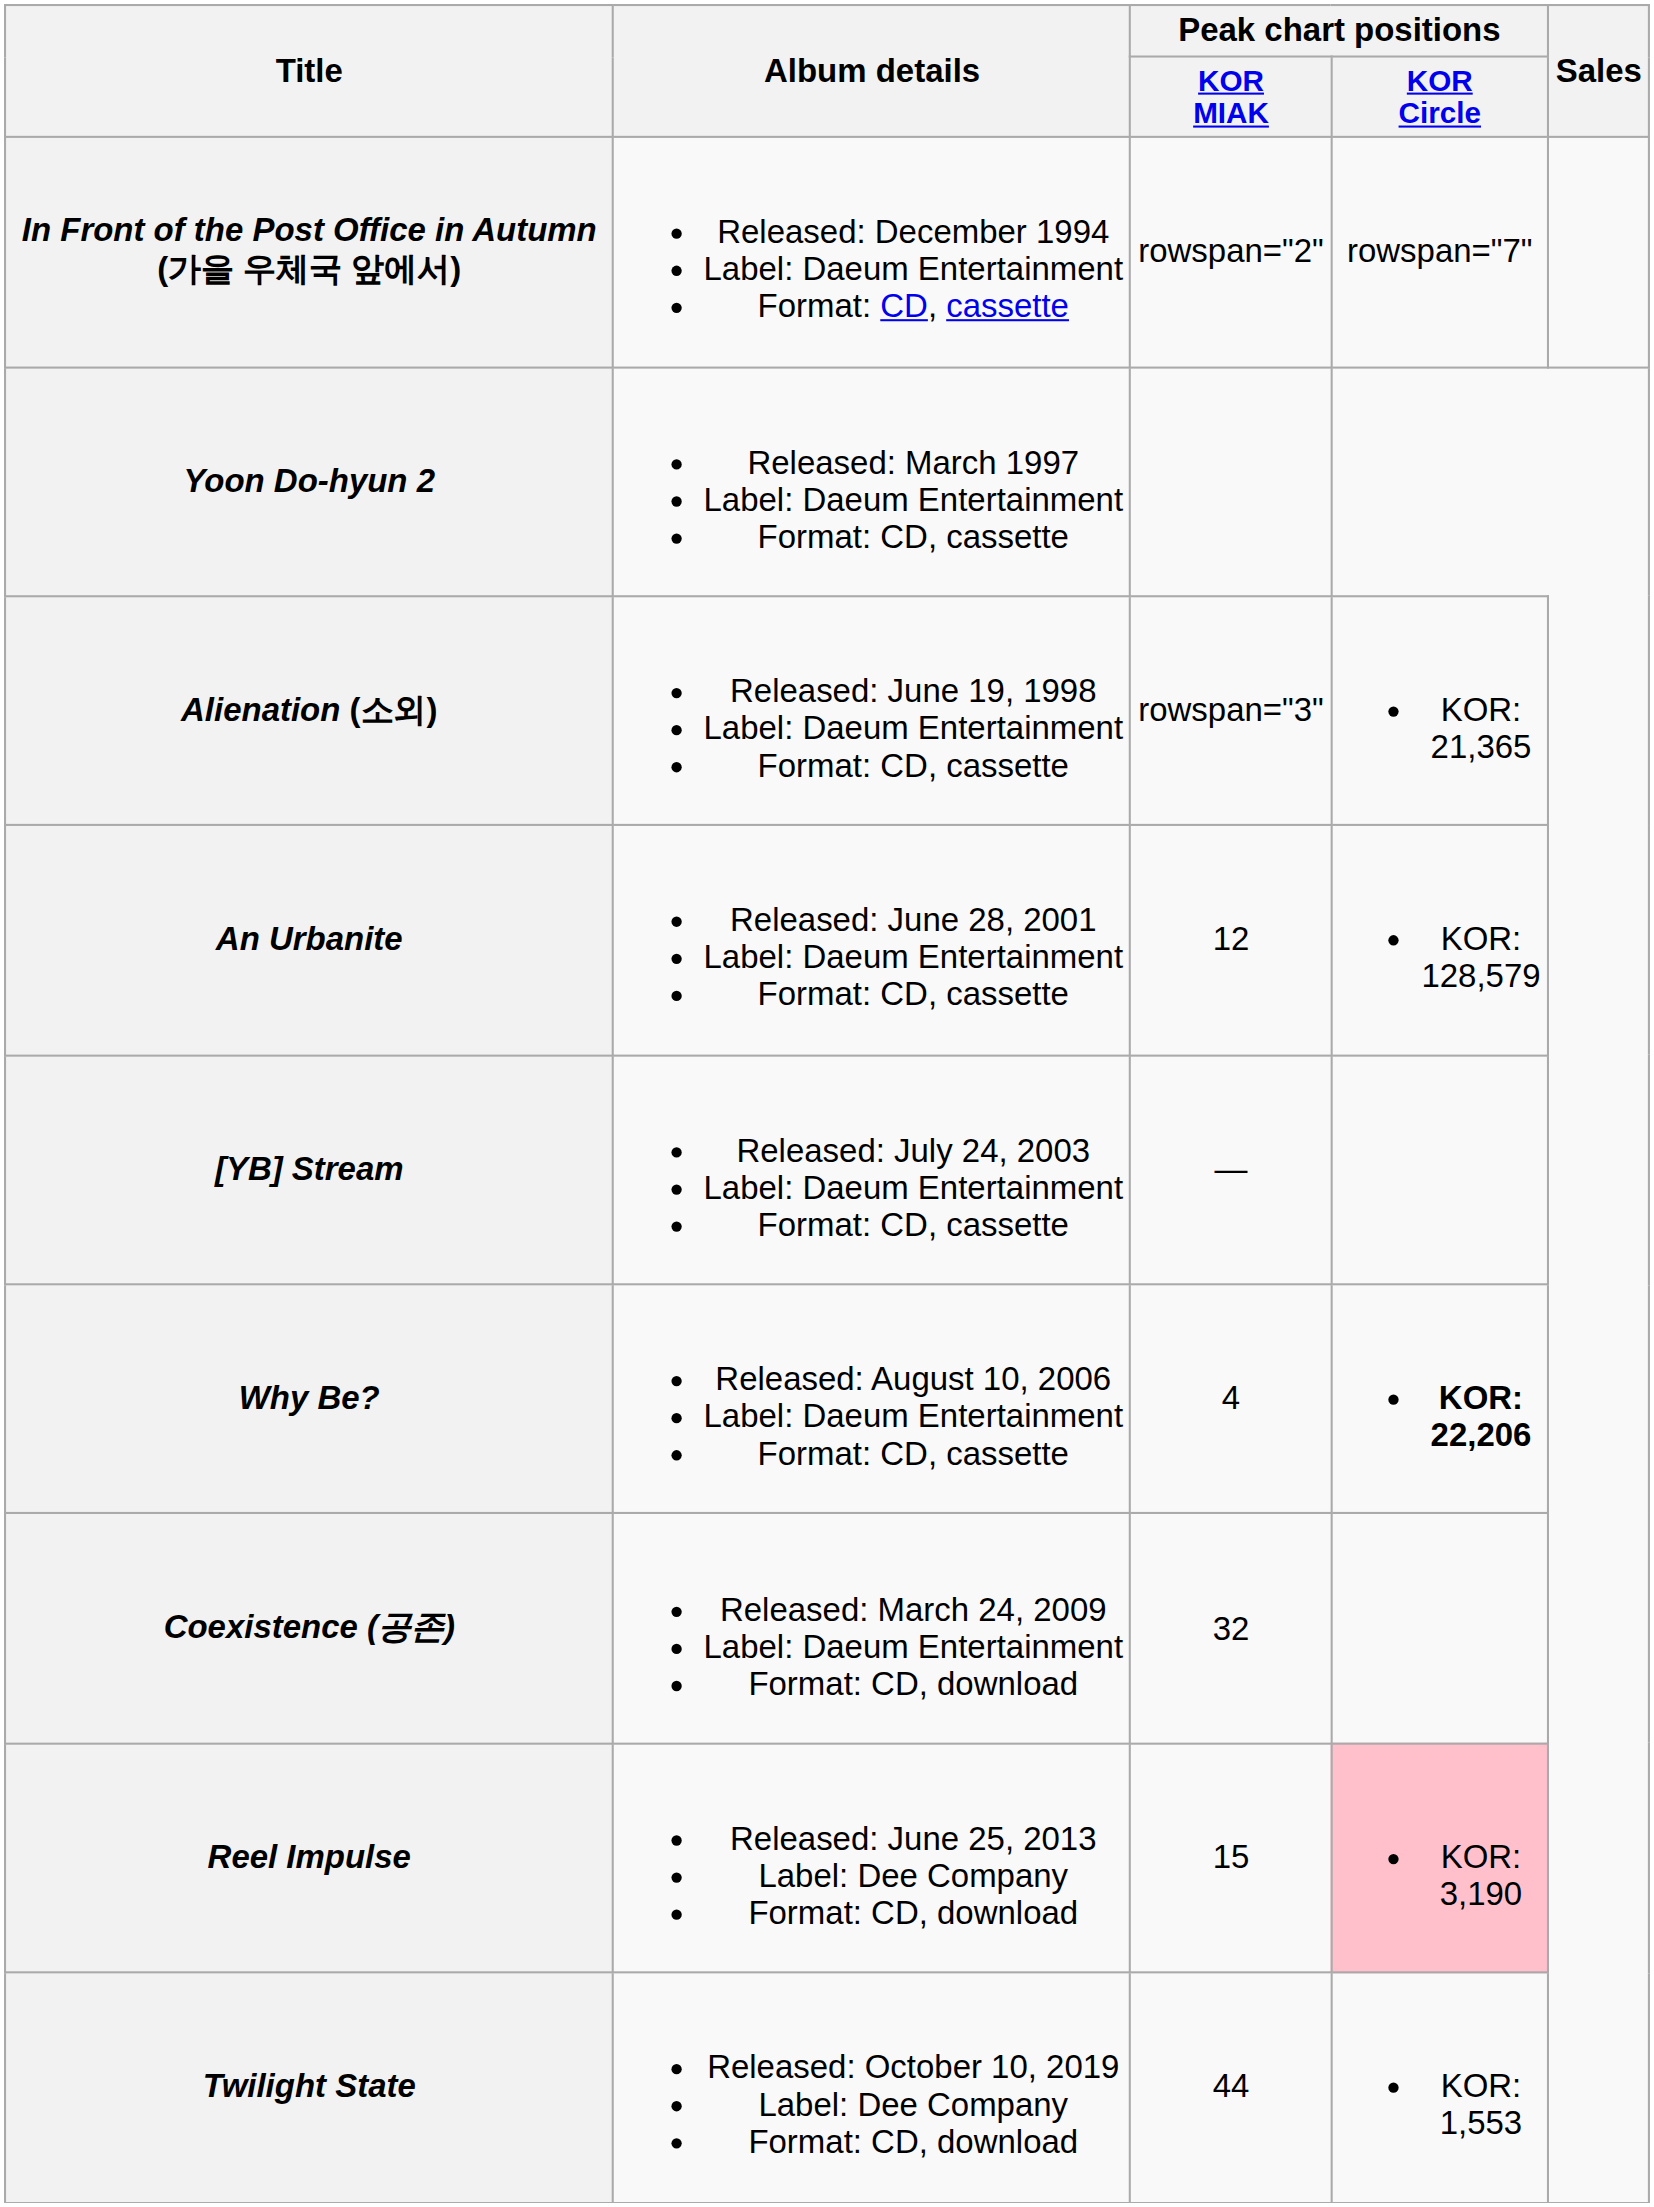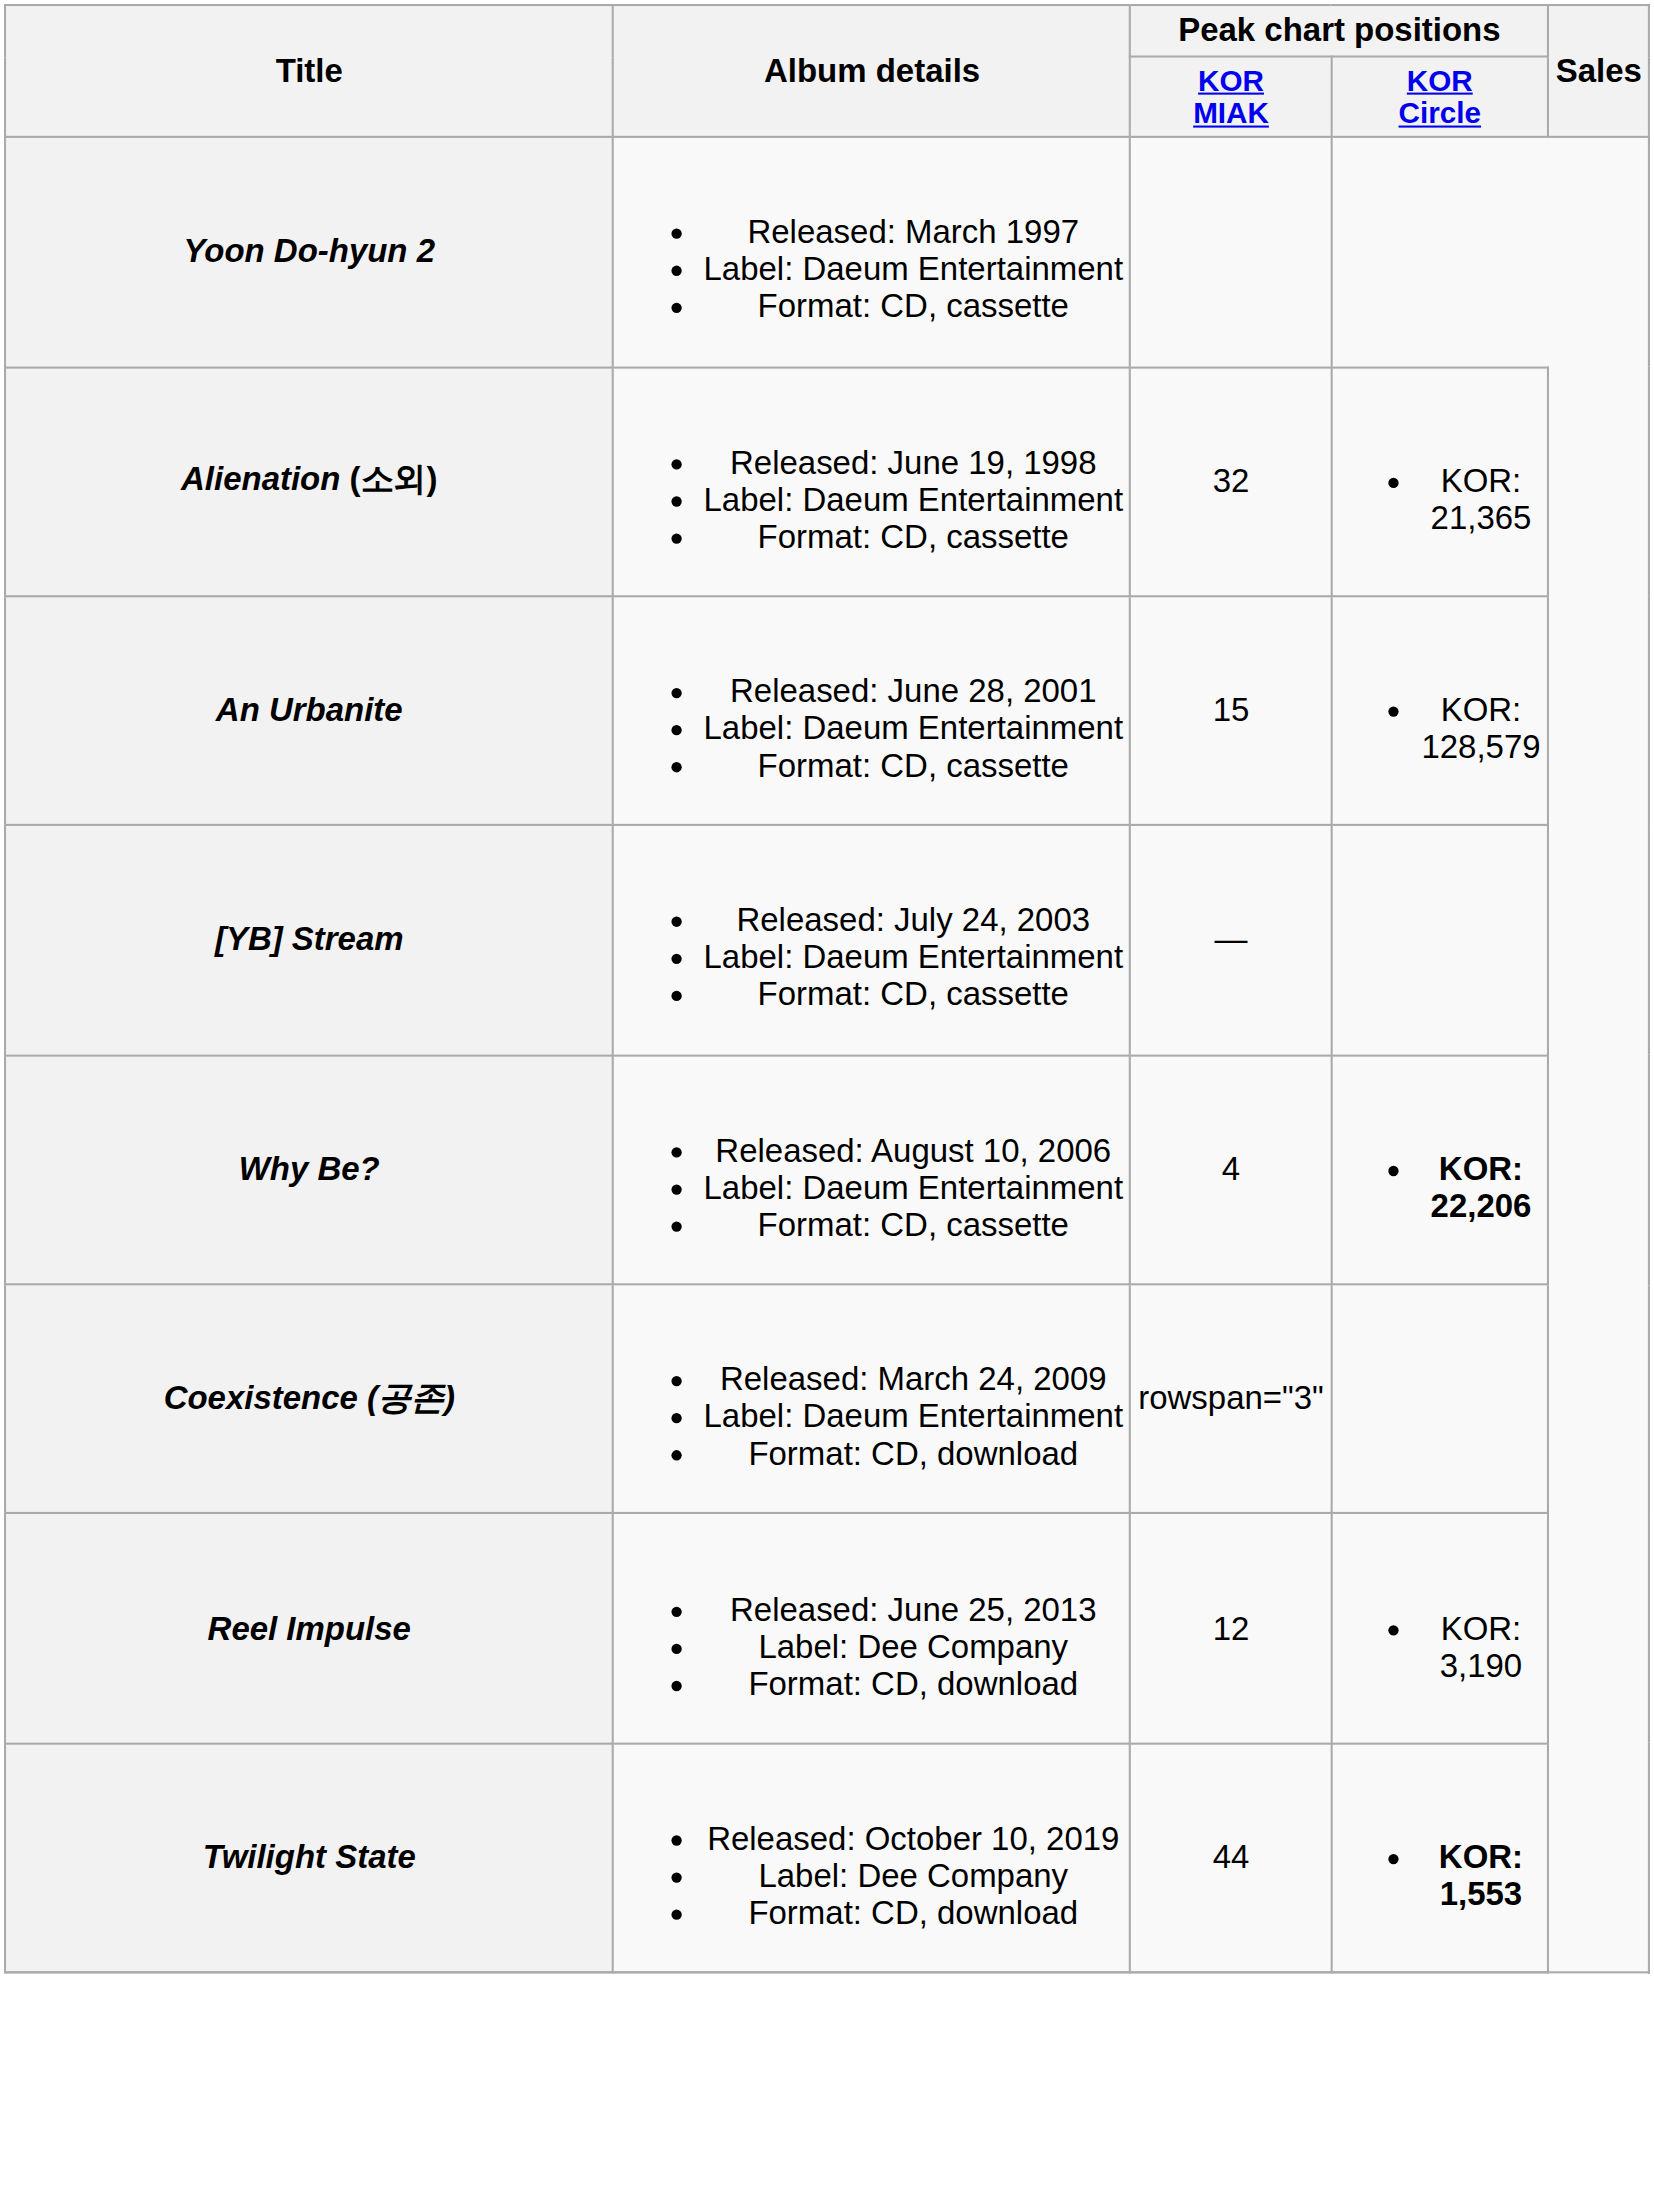 <table class="wikitable plainrowheaders" style="text-align:center;">
 <tr>
 <th scope="col" rowspan="2" style="width:18em;">Title</th>
 <th scope="col" rowspan="2">Album details</th>
 <th colspan="2" scope="col">Peak chart positions</th>
 <th scope="col" rowspan="2">Sales</th>
 </tr>
 <tr>
 <th scope="col" style="width:2.5em;font-size:90%;"><a href='#'>KOR<br>MIAK</a><br></th>
 <th scope="col" style="width:2.5em;font-size:90%;"><a href='#'>KOR<br>Circle</a><br></th>
 </tr>
 <tr>
-<th scope="row"><em>In Front of the Post Office in Autumn</em> (가을 우체국 앞에서) </th>
-<td><br><ul><li>Released: December 1994</li><li>Label: Daeum Entertainment</li><li>Format: <a href='#'>CD</a>, <a href='#'>cassette</a></li></ul></td>
-<td>rowspan="2" </td>
-<td>rowspan="7" </td>
-<td></td>
-</tr>
-<tr>
 <th scope="row"><em>Yoon Do-hyun 2</em></th>
 <td><br><ul><li>Released: March 1997</li><li>Label: Daeum Entertainment</li><li>Format: CD, cassette</li></ul></td>
 <td></td>
 </tr>
 <tr>
 <th scope="row"><em>Alienation</em> (소외)</th>
 <td><br><ul><li>Released: June 19, 1998</li><li>Label: Daeum Entertainment</li><li>Format: CD, cassette</li></ul></td>
-<td>rowspan="3" </td>
+<td>32</td>
 <td><br><ul><li>KOR: 21,365</li></ul></td>
 </tr>
 <tr>
 <th scope="row"><em>An Urbanite</em></th>
 <td><br><ul><li>Released: June 28, 2001</li><li>Label: Daeum Entertainment</li><li>Format: CD, cassette</li></ul></td>
-<td>12</td>
+<td>15</td>
 <td><br><ul><li>KOR: 128,579</li></ul></td>
 </tr>
 <tr>
 <th scope="row"><em>[YB] Stream</em></th>
 <td><br><ul><li>Released: July 24, 2003</li><li>Label: Daeum Entertainment</li><li>Format: CD, cassette</li></ul></td>
 <td>—</td>
 <td></td>
 </tr>
 <tr>
 <th scope="row"><em>Why Be?</em></th>
 <td><br><ul><li>Released: August 10, 2006</li><li>Label: Daeum Entertainment</li><li>Format: CD, cassette</li></ul></td>
 <td>4</td>
 <td><strong><br><ul><li>KOR: 22,206</li></ul></strong></td>
 </tr>
 <tr>
 <th scope="row"><em>Coexistence (공존)</em></th>
 <td><br><ul><li>Released: March 24, 2009</li><li>Label: Daeum Entertainment</li><li>Format: CD, download</li></ul></td>
-<td>32</td>
+<td>rowspan="3" </td>
 <td></td>
 </tr>
 <tr>
 <th scope="row"><em>Reel Impulse</em></th>
 <td><br><ul><li>Released: June 25, 2013</li><li>Label: Dee Company</li><li>Format: CD, download</li></ul></td>
-<td>15</td>
-<td style="background: pink;"><br><ul><li>KOR: 3,190</li></ul></td>
+<td>12</td>
+<td><br><ul><li>KOR: 3,190</li></ul></td>
 </tr>
 <tr>
 <th scope="row"><em>Twilight State</em></th>
 <td><br><ul><li>Released: October 10, 2019</li><li>Label: Dee Company</li><li>Format: CD, download</li></ul></td>
 <td>44</td>
-<td><br><ul><li>KOR: 1,553</li></ul></td>
+<td><strong><br><ul><li>KOR: 1,553</li></ul></strong></td>
 </tr>
 <tr>
 </tr>
 </table>
